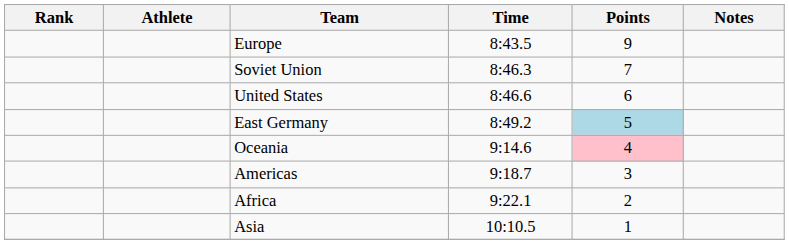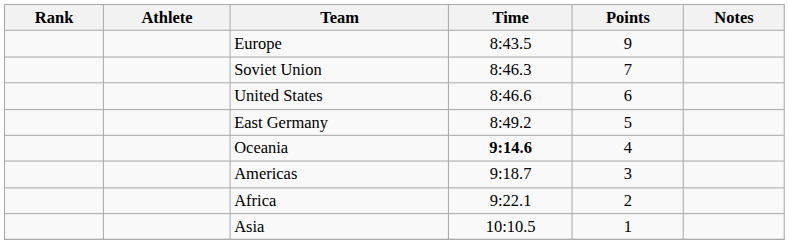 <table class="wikitable sortable" style="text-align:center" width="60%">
 <tr>
 <th>Rank</th>
 <th>Athlete</th>
 <th>Team</th>
 <th>Time</th>
 <th>Points</th>
 <th>Notes</th>
 </tr>
 <tr>
 <td></td>
 <td align="left"></td>
 <td align=left>Europe</td>
 <td>8:43.5</td>
 <td>9</td>
 <td></td>
 </tr>
 <tr>
 <td></td>
 <td align="left"></td>
 <td align=left>Soviet Union</td>
 <td>8:46.3</td>
 <td>7</td>
 <td></td>
 </tr>
 <tr>
 <td></td>
 <td align="left"></td>
 <td align=left>United States</td>
 <td>8:46.6</td>
 <td>6</td>
 <td></td>
 </tr>
 <tr>
 <td></td>
 <td align="left"></td>
 <td align=left>East Germany</td>
 <td>8:49.2</td>
-<td style="background: lightblue;">5</td>
+<td>5</td>
 <td></td>
 </tr>
 <tr>
 <td></td>
 <td align="left"></td>
 <td align=left>Oceania</td>
-<td>9:14.6</td>
-<td style="background: pink;">4</td>
+<td><strong>9:14.6</strong></td>
+<td>4</td>
 <td></td>
 </tr>
 <tr>
 <td></td>
 <td align="left"></td>
 <td align=left>Americas</td>
 <td>9:18.7</td>
 <td>3</td>
 <td></td>
 </tr>
 <tr>
 <td></td>
 <td align="left"></td>
 <td align=left>Africa</td>
 <td>9:22.1</td>
 <td>2</td>
 <td></td>
 </tr>
 <tr>
 <td></td>
 <td align="left"></td>
 <td align=left>Asia</td>
 <td>10:10.5</td>
 <td>1</td>
 <td></td>
 </tr>
 <tr>
 </tr>
 </table>
